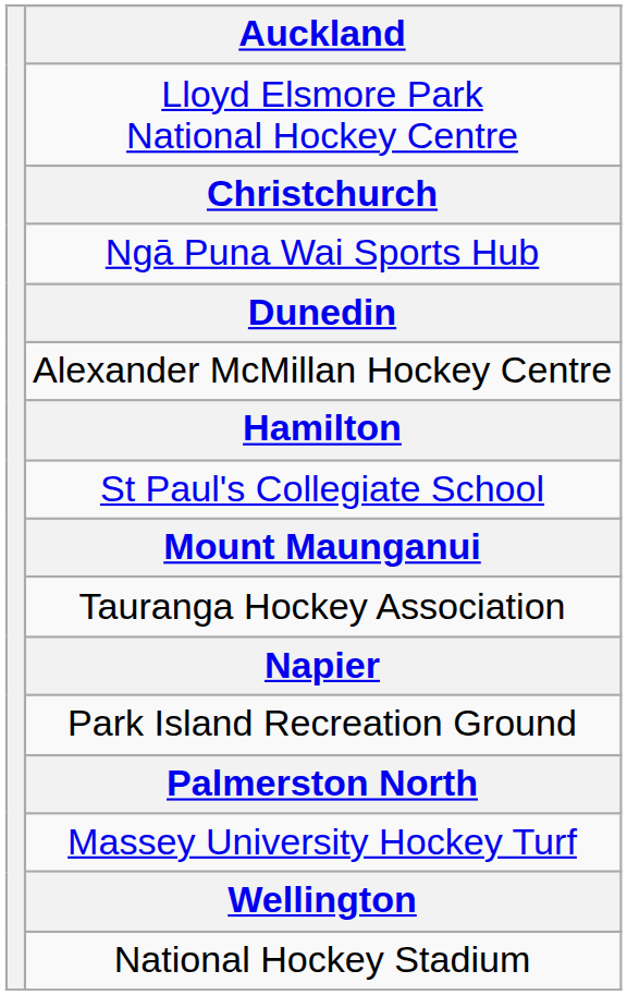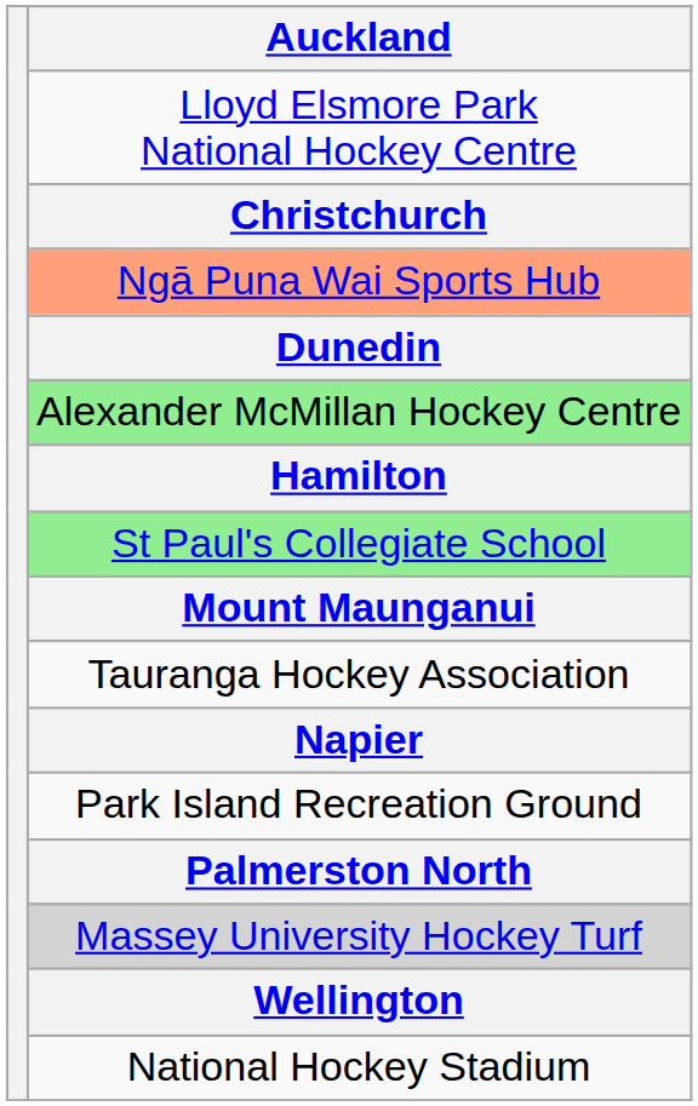 <table class="wikitable" style="text-align:center;margin:1em auto;">
 <tr>
 <th rowspan=17></th>
 </tr>
 <tr>
 <th><a href='#'>Auckland</a></th>
 </tr>
 <tr>
 <td><a href='#'>Lloyd Elsmore Park</a><br><a href='#'>National Hockey Centre</a></td>
 </tr>
 <tr>
 <th><a href='#'>Christchurch</a></th>
 </tr>
 <tr>
-<td><a href='#'>Ngā Puna Wai Sports Hub</a></td>
+<td style="background: lightsalmon;"><a href='#'>Ngā Puna Wai Sports Hub</a></td>
 </tr>
 <tr>
 <th><a href='#'>Dunedin</a></th>
 </tr>
 <tr>
-<td>Alexander McMillan Hockey Centre</td>
+<td style="background: lightgreen;">Alexander McMillan Hockey Centre</td>
 </tr>
 <tr>
 <th><a href='#'>Hamilton</a></th>
 </tr>
 <tr>
-<td><a href='#'>St Paul's Collegiate School</a></td>
+<td style="background: lightgreen;"><a href='#'>St Paul's Collegiate School</a></td>
 </tr>
 <tr>
 <th><a href='#'>Mount Maunganui</a></th>
 </tr>
 <tr>
 <td>Tauranga Hockey Association</td>
 </tr>
 <tr>
 <th><a href='#'>Napier</a></th>
 </tr>
 <tr>
 <td>Park Island Recreation Ground</td>
 </tr>
 <tr>
 <th><a href='#'>Palmerston North</a></th>
 </tr>
 <tr>
-<td><a href='#'>Massey University Hockey Turf</a></td>
+<td style="background: lightgrey;"><a href='#'>Massey University Hockey Turf</a></td>
 </tr>
 <tr>
 <th><a href='#'>Wellington</a></th>
 </tr>
 <tr>
 <td>National Hockey Stadium</td>
 </tr>
 </table>
